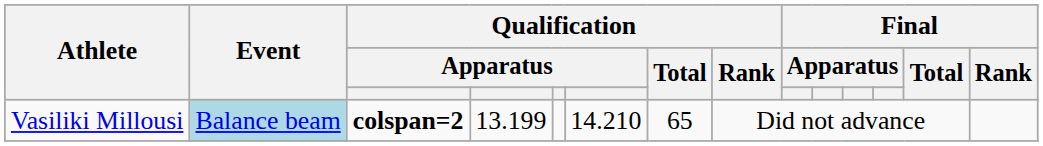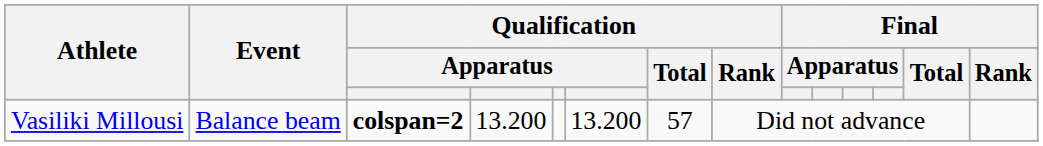 <table class="wikitable" style="font-size:90%">
 <tr>
 <th rowspan=3>Athlete</th>
 <th rowspan=3>Event</th>
 <th colspan=6>Qualification</th>
 <th colspan=6>Final</th>
 </tr>
 <tr style="font-size:95%">
 <th colspan=4>Apparatus</th>
 <th rowspan=2>Total</th>
 <th rowspan=2>Rank</th>
 <th colspan=4>Apparatus</th>
 <th rowspan=2>Total</th>
 <th rowspan=2>Rank</th>
 </tr>
 <tr style="font-size:95%">
 <th></th>
 <th></th>
 <th></th>
 <th></th>
 <th></th>
 <th></th>
 <th></th>
 <th></th>
 </tr>
 <tr align=center>
 <td align=left><a href='#'>Vasiliki Millousi</a></td>
-<td align=left style="background: lightblue;"><a href='#'>Balance beam</a></td>
+<td align=left><a href='#'>Balance beam</a></td>
 <td><strong>colspan=2 </strong></td>
-<td>13.199</td>
+<td>13.200</td>
 <td></td>
-<td>14.210</td>
-<td>65</td>
+<td>13.200</td>
+<td>57</td>
 <td colspan=6>Did not advance</td>
 </tr>
 </table>
